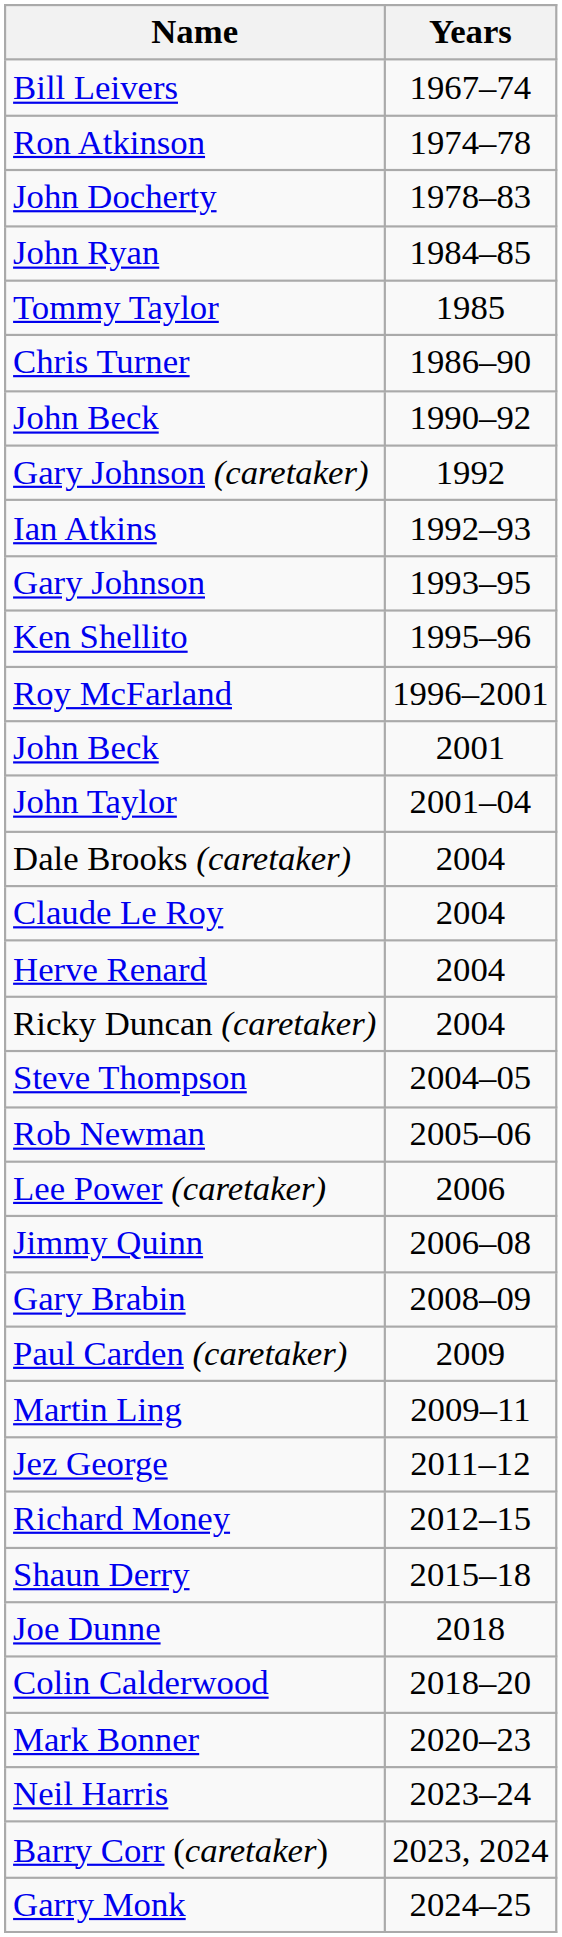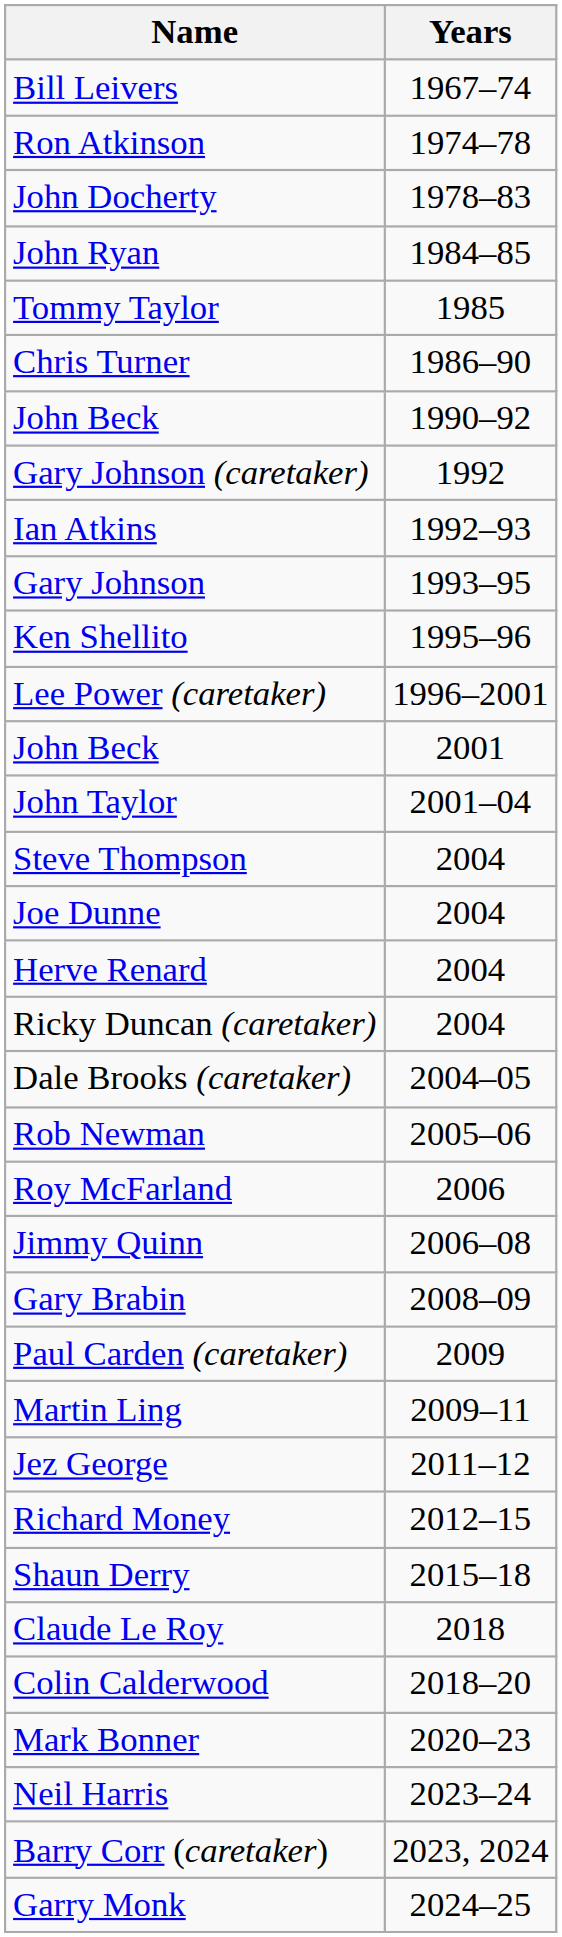 <table class="wikitable" style="text-align: center;">
 <tr>
 <th>Name</th>
 <th>Years</th>
 </tr>
 <tr>
 <td align="left"><a href='#'>Bill Leivers</a></td>
 <td>1967–74</td>
 </tr>
 <tr>
 <td align="left"><a href='#'>Ron Atkinson</a></td>
 <td>1974–78</td>
 </tr>
 <tr>
 <td align="left"><a href='#'>John Docherty</a></td>
 <td>1978–83</td>
 </tr>
 <tr>
 <td align="left"><a href='#'>John Ryan</a></td>
 <td>1984–85</td>
 </tr>
 <tr>
 <td align="left"><a href='#'>Tommy Taylor</a></td>
 <td>1985</td>
 </tr>
 <tr>
 <td align="left"><a href='#'>Chris Turner</a></td>
 <td>1986–90</td>
 </tr>
 <tr>
 <td align="left"><a href='#'>John Beck</a></td>
 <td>1990–92</td>
 </tr>
 <tr>
 <td align="left"><a href='#'>Gary Johnson</a> <em>(caretaker)</em></td>
 <td>1992</td>
 </tr>
 <tr>
 <td align="left"><a href='#'>Ian Atkins</a></td>
 <td>1992–93</td>
 </tr>
 <tr>
 <td align="left"><a href='#'>Gary Johnson</a></td>
 <td>1993–95</td>
 </tr>
 <tr>
 <td align="left"><a href='#'>Ken Shellito</a></td>
 <td>1995–96</td>
 </tr>
 <tr>
-<td align="left"><a href='#'>Roy McFarland</a></td>
+<td align="left"><a href='#'>Lee Power</a> <em>(caretaker)</em></td>
 <td>1996–2001</td>
 </tr>
 <tr>
 <td align="left"><a href='#'>John Beck</a></td>
 <td>2001</td>
 </tr>
 <tr>
 <td align="left"><a href='#'>John Taylor</a></td>
 <td>2001–04</td>
 </tr>
 <tr>
-<td align="left">Dale Brooks <em>(caretaker)</em></td>
+<td align="left"><a href='#'>Steve Thompson</a></td>
 <td>2004</td>
 </tr>
 <tr>
-<td align="left"><a href='#'>Claude Le Roy</a></td>
+<td align="left"><a href='#'>Joe Dunne</a></td>
 <td>2004</td>
 </tr>
 <tr>
 <td align="left"><a href='#'>Herve Renard</a></td>
 <td>2004</td>
 </tr>
 <tr>
 <td align="left">Ricky Duncan <em>(caretaker)</em></td>
 <td>2004</td>
 </tr>
 <tr>
-<td align="left"><a href='#'>Steve Thompson</a></td>
+<td align="left">Dale Brooks <em>(caretaker)</em></td>
 <td>2004–05</td>
 </tr>
 <tr>
 <td align="left"><a href='#'>Rob Newman</a></td>
 <td>2005–06</td>
 </tr>
 <tr>
-<td align="left"><a href='#'>Lee Power</a> <em>(caretaker)</em></td>
+<td align="left"><a href='#'>Roy McFarland</a></td>
 <td>2006</td>
 </tr>
 <tr>
 <td align="left"><a href='#'>Jimmy Quinn</a></td>
 <td>2006–08</td>
 </tr>
 <tr>
 <td align="left"><a href='#'>Gary Brabin</a></td>
 <td>2008–09</td>
 </tr>
 <tr>
 <td align="left"><a href='#'>Paul Carden</a> <em>(caretaker)</em></td>
 <td>2009</td>
 </tr>
 <tr>
 <td align="left"><a href='#'>Martin Ling</a></td>
 <td>2009–11</td>
 </tr>
 <tr>
 <td align="left"><a href='#'>Jez George</a></td>
 <td>2011–12</td>
 </tr>
 <tr>
 <td align="left"><a href='#'>Richard Money</a></td>
 <td>2012–15</td>
 </tr>
 <tr>
 <td align="left"><a href='#'>Shaun Derry</a></td>
 <td>2015–18</td>
 </tr>
 <tr>
-<td align="left"><a href='#'>Joe Dunne</a></td>
+<td align="left"><a href='#'>Claude Le Roy</a></td>
 <td>2018</td>
 </tr>
 <tr>
 <td align="left"><a href='#'>Colin Calderwood</a></td>
 <td>2018–20</td>
 </tr>
 <tr>
 <td align="left"><a href='#'>Mark Bonner</a></td>
 <td>2020–23</td>
 </tr>
 <tr>
 <td align="left"><a href='#'>Neil Harris</a></td>
 <td>2023–24</td>
 </tr>
 <tr>
 <td align="left"><a href='#'>Barry Corr</a> (<em>caretaker</em>)</td>
 <td>2023, 2024</td>
 </tr>
 <tr>
 <td align="left"><a href='#'>Garry Monk</a></td>
 <td>2024–25</td>
 </tr>
 </table>
